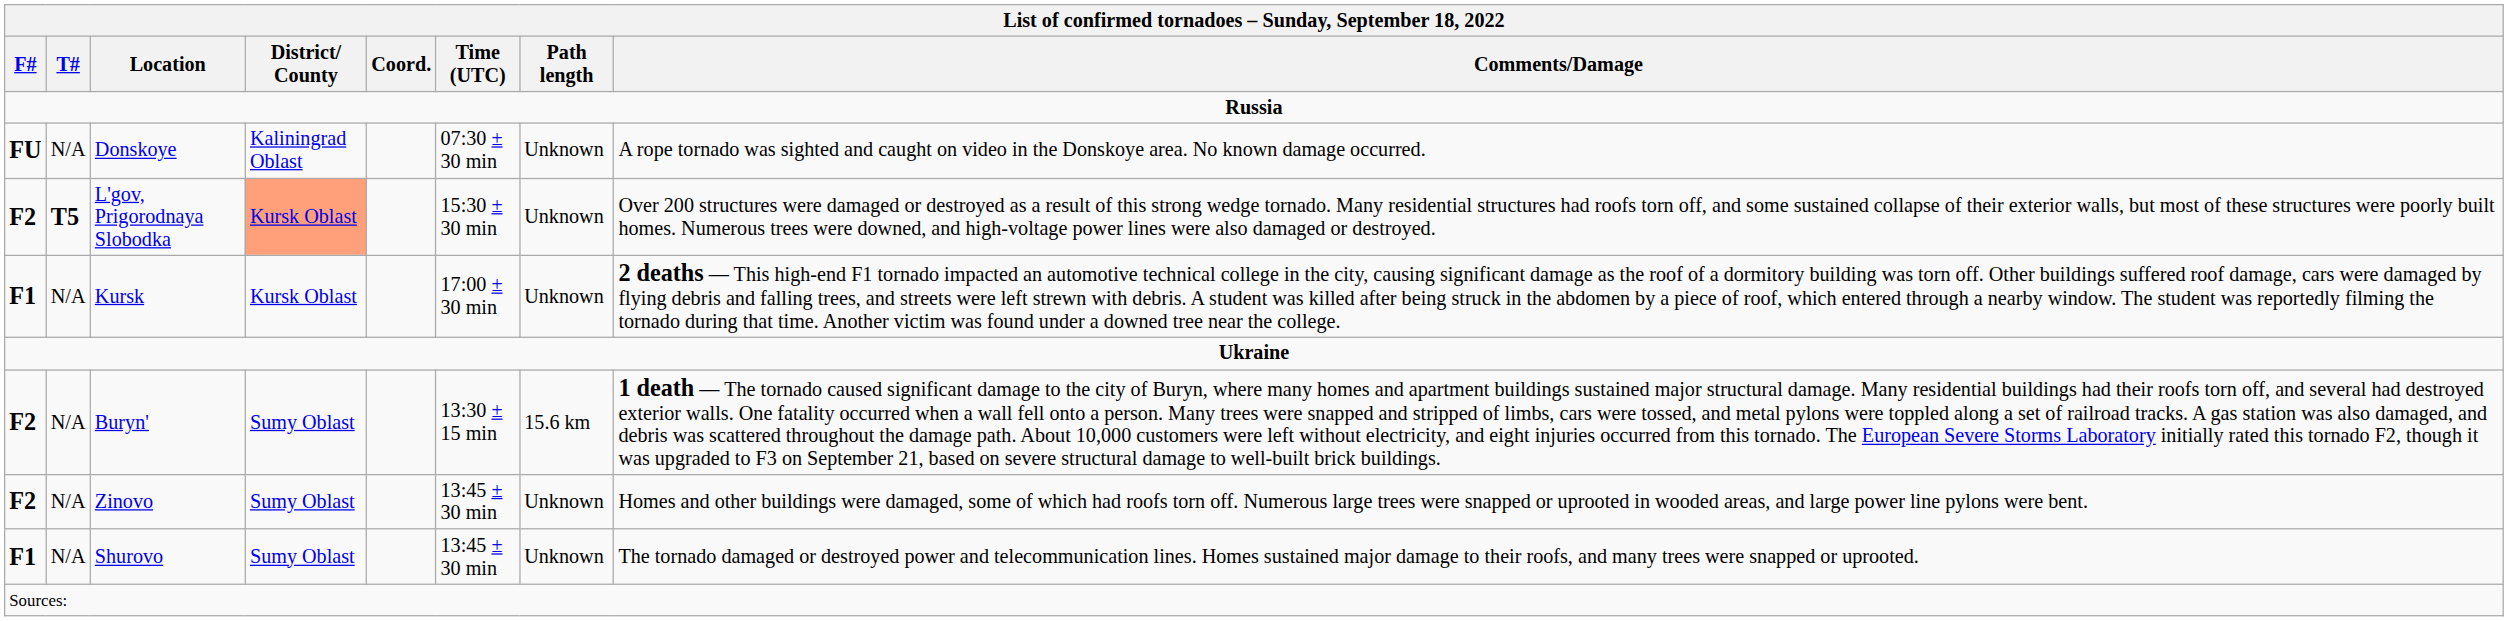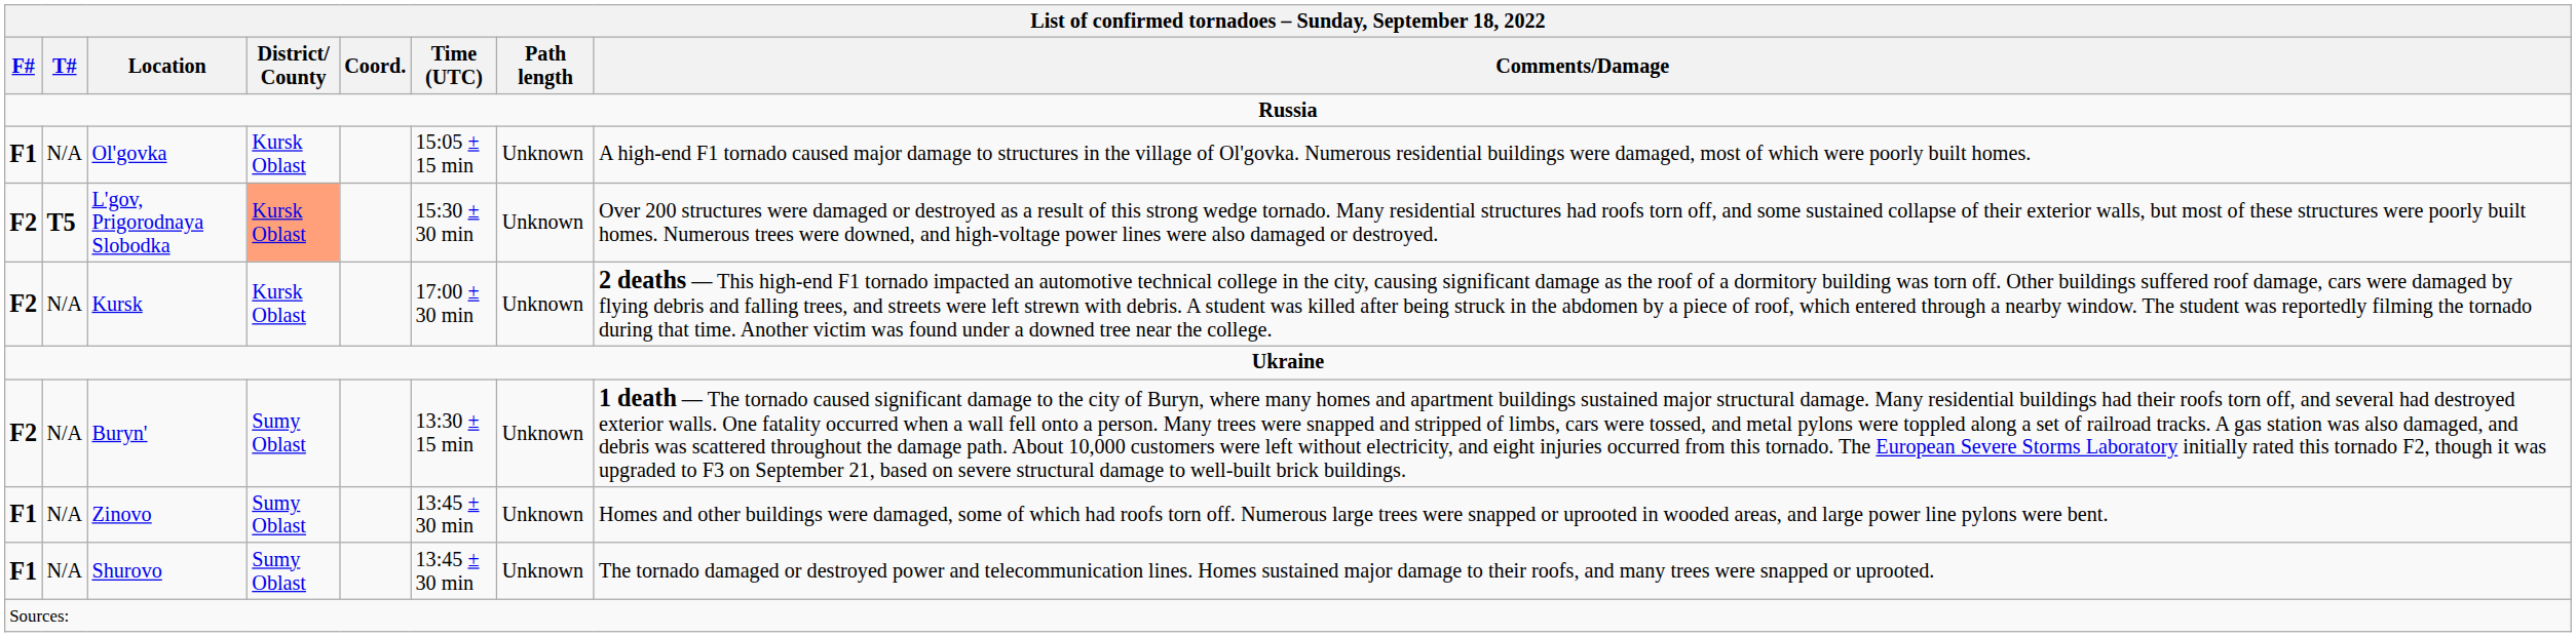 <table class="wikitable collapsible" width="100%">
 <tr>
 <th colspan="8">List of confirmed tornadoes – Sunday, September 18, 2022</th>
 </tr>
 <tr>
 <th><a href='#'>F#</a></th>
 <th><a href='#'>T#</a></th>
 <th>Location</th>
 <th>District/<br>County</th>
 <th>Coord.</th>
 <th>Time (UTC)</th>
 <th>Path length</th>
 <th>Comments/Damage</th>
 </tr>
 <tr>
 <td colspan="8" align=center><strong>Russia</strong></td>
 </tr>
 <tr>
-<td><big><strong>FU</strong></big></td>
+<td><big><strong>F1</strong></big></td>
 <td>N/A</td>
-<td><a href='#'>Donskoye</a></td>
-<td><a href='#'>Kaliningrad Oblast</a></td>
+<td><a href='#'>Ol'govka</a></td>
+<td><a href='#'>Kursk Oblast</a></td>
 <td></td>
-<td>07:30 <a href='#'>±</a> 30 min</td>
+<td>15:05 <a href='#'>±</a> 15 min</td>
 <td>Unknown</td>
-<td>A rope tornado was sighted and caught on video in the Donskoye area. No known damage occurred.</td>
+<td>A high-end F1 tornado caused major damage to structures in the village of Ol'govka. Numerous residential buildings were damaged, most of which were poorly built homes.</td>
 </tr>
 <tr>
 <td><big><strong>F2</strong></big></td>
 <td><big><strong>T5</strong></big></td>
 <td><a href='#'>L'gov, Prigorodnaya Slobodka</a></td>
 <td style="background: lightsalmon;"><a href='#'>Kursk Oblast</a></td>
 <td></td>
 <td>15:30 <a href='#'>±</a> 30 min</td>
 <td>Unknown</td>
 <td>Over 200 structures were damaged or destroyed as a result of this strong wedge tornado. Many residential structures had roofs torn off, and some sustained collapse of their exterior walls, but most of these structures were poorly built homes. Numerous trees were downed, and high-voltage power lines were also damaged or destroyed.</td>
 </tr>
 <tr>
-<td><big><strong>F1</strong></big></td>
+<td><big><strong>F2</strong></big></td>
 <td>N/A</td>
 <td><a href='#'>Kursk</a></td>
 <td><a href='#'>Kursk Oblast</a></td>
 <td></td>
 <td>17:00 <a href='#'>±</a> 30 min</td>
 <td>Unknown</td>
 <td><big><strong>2 deaths</strong></big> — This high-end F1 tornado impacted an automotive technical college in the city, causing significant damage as the roof of a dormitory building was torn off. Other buildings suffered roof damage, cars were damaged by flying debris and falling trees, and streets were left strewn with debris. A student was killed after being struck in the abdomen by a piece of roof, which entered through a nearby window. The student was reportedly filming the tornado during that time. Another victim was found under a downed tree near the college.</td>
 </tr>
 <tr>
 <td colspan="8" align=center><strong>Ukraine</strong></td>
 </tr>
 <tr>
 <td><big><strong>F2</strong></big></td>
 <td>N/A</td>
 <td><a href='#'>Buryn'</a></td>
 <td><a href='#'>Sumy Oblast</a></td>
 <td></td>
 <td>13:30 <a href='#'>±</a> 15 min</td>
-<td>15.6 km</td>
+<td>Unknown</td>
 <td><big><strong>1 death</strong></big> — The tornado caused significant damage to the city of Buryn, where many homes and apartment buildings sustained major structural damage. Many residential buildings had their roofs torn off, and several had destroyed exterior walls. One fatality occurred when a wall fell onto a person. Many trees were snapped and stripped of limbs, cars were tossed, and metal pylons were toppled along a set of railroad tracks. A gas station was also damaged, and debris was scattered throughout the damage path. About 10,000 customers were left without electricity, and eight injuries occurred from this tornado. The <a href='#'>European Severe Storms Laboratory</a> initially rated this tornado F2, though it was upgraded to F3 on September 21, based on severe structural damage to well-built brick buildings.</td>
 </tr>
 <tr>
-<td><big><strong>F2</strong></big></td>
+<td><big><strong>F1</strong></big></td>
 <td>N/A</td>
 <td><a href='#'>Zinovo</a></td>
 <td><a href='#'>Sumy Oblast</a></td>
 <td></td>
 <td>13:45 <a href='#'>±</a> 30 min</td>
 <td>Unknown</td>
 <td>Homes and other buildings were damaged, some of which had roofs torn off. Numerous large trees were snapped or uprooted in wooded areas, and large power line pylons were bent.</td>
 </tr>
 <tr>
 <td><big><strong>F1</strong></big></td>
 <td>N/A</td>
 <td><a href='#'>Shurovo</a></td>
 <td><a href='#'>Sumy Oblast</a></td>
 <td></td>
 <td>13:45 <a href='#'>±</a> 30 min</td>
 <td>Unknown</td>
 <td>The tornado damaged or destroyed power and telecommunication lines. Homes sustained major damage to their roofs, and many trees were snapped or uprooted.</td>
 </tr>
 <tr>
 <td colspan="8"><small>Sources:  </small></td>
 </tr>
 </table>
